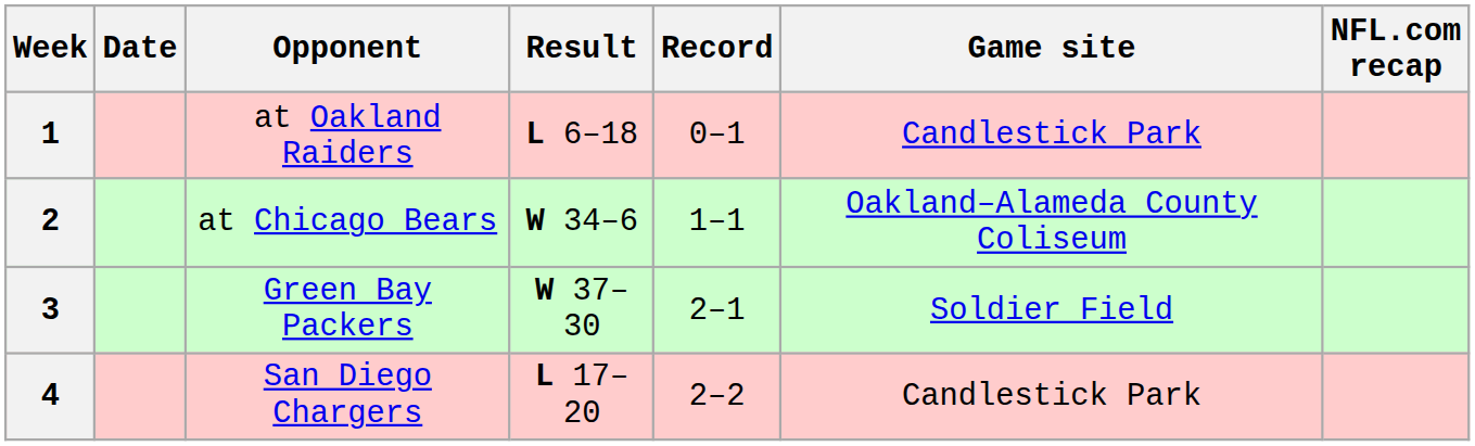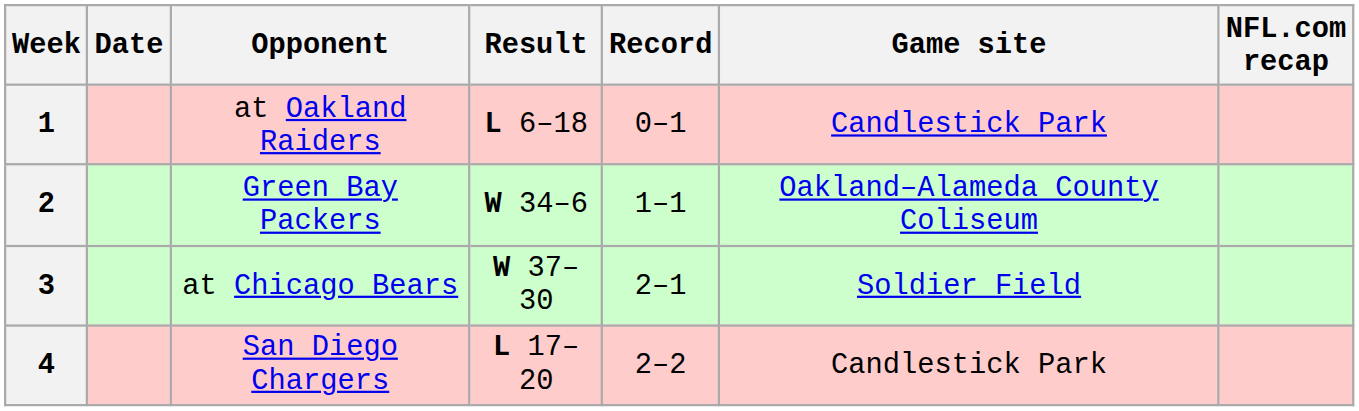 <table class="wikitable" style="text-align:center">
 <tr>
 <th>Week</th>
 <th>Date</th>
 <th>Opponent</th>
 <th>Result</th>
 <th>Record</th>
 <th>Game site</th>
 <th>NFL.com<br>recap</th>
 </tr>
 <tr style="background:#fcc">
 <th>1</th>
 <td></td>
 <td>at <a href='#'>Oakland Raiders</a></td>
 <td><strong>L</strong> 6–18</td>
 <td>0–1</td>
 <td><a href='#'>Candlestick Park</a></td>
 <td></td>
 </tr>
 <tr style="background:#cfc">
 <th>2</th>
 <td></td>
-<td>at <a href='#'>Chicago Bears</a></td>
+<td><a href='#'>Green Bay Packers</a></td>
 <td><strong>W</strong> 34–6</td>
 <td>1–1</td>
 <td><a href='#'>Oakland–Alameda County Coliseum</a></td>
 <td></td>
 </tr>
 <tr style="background:#cfc">
 <th>3</th>
 <td></td>
-<td><a href='#'>Green Bay Packers</a></td>
+<td>at <a href='#'>Chicago Bears</a></td>
 <td><strong>W</strong> 37–30</td>
 <td>2–1</td>
 <td><a href='#'>Soldier Field</a></td>
 <td></td>
 </tr>
 <tr style="background:#fcc">
 <th>4</th>
 <td></td>
 <td><a href='#'>San Diego Chargers</a></td>
 <td><strong>L</strong> 17–20</td>
 <td>2–2</td>
 <td>Candlestick Park</td>
 <td></td>
 </tr>
 </table>
